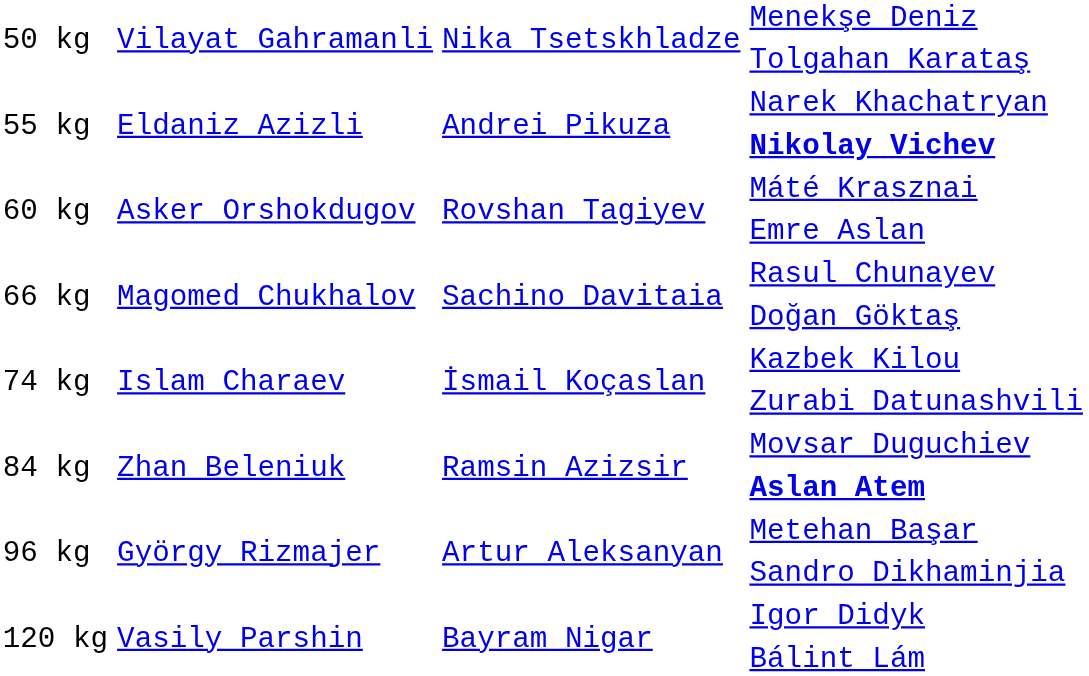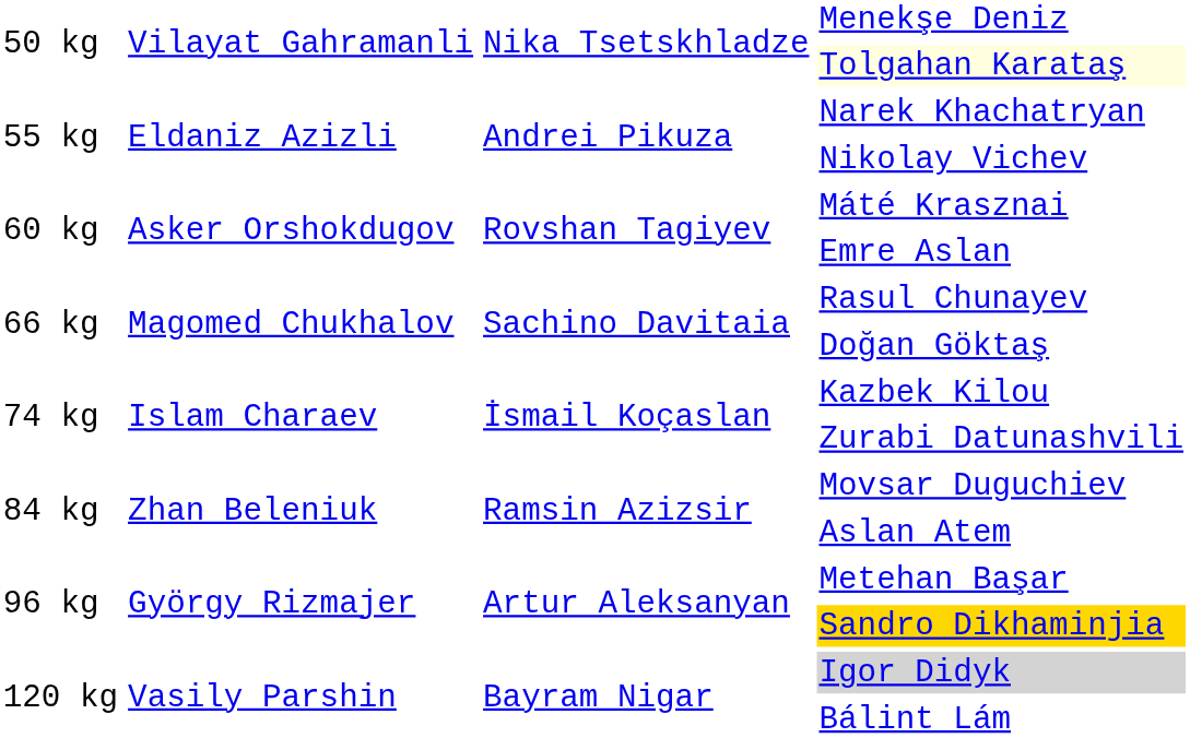 <table>
 <tr>
 <td rowspan=2>50 kg</td>
 <td rowspan=2> <a href='#'>Vilayat Gahramanli</a></td>
 <td rowspan=2> <a href='#'>Nika Tsetskhladze</a></td>
 <td> <a href='#'>Menekşe Deniz</a></td>
 </tr>
 <tr>
-<td> <a href='#'>Tolgahan Karataş</a></td>
+<td style="background: lightyellow;"> <a href='#'>Tolgahan Karataş</a></td>
 </tr>
 <tr>
 <td rowspan=2>55 kg</td>
 <td rowspan=2> <a href='#'>Eldaniz Azizli</a></td>
 <td rowspan=2> <a href='#'>Andrei Pikuza</a></td>
 <td> <a href='#'>Narek Khachatryan</a></td>
 </tr>
 <tr>
-<td><strong> <a href='#'>Nikolay Vichev</a></strong></td>
+<td> <a href='#'>Nikolay Vichev</a></td>
 </tr>
 <tr>
 <td rowspan=2>60 kg</td>
 <td rowspan=2> <a href='#'>Asker Orshokdugov</a></td>
 <td rowspan=2> <a href='#'>Rovshan Tagiyev</a></td>
 <td> <a href='#'>Máté Krasznai</a></td>
 </tr>
 <tr>
 <td> <a href='#'>Emre Aslan</a></td>
 </tr>
 <tr>
 <td rowspan=2>66 kg</td>
 <td rowspan=2> <a href='#'>Magomed Chukhalov</a></td>
 <td rowspan=2> <a href='#'>Sachino Davitaia</a></td>
 <td> <a href='#'>Rasul Chunayev</a></td>
 </tr>
 <tr>
 <td> <a href='#'>Doğan Göktaş</a></td>
 </tr>
 <tr>
 <td rowspan=2>74 kg</td>
 <td rowspan=2> <a href='#'>Islam Charaev</a></td>
 <td rowspan=2> <a href='#'>İsmail Koçaslan</a></td>
 <td> <a href='#'>Kazbek Kilou</a></td>
 </tr>
 <tr>
 <td> <a href='#'>Zurabi Datunashvili</a></td>
 </tr>
 <tr>
 <td rowspan=2>84 kg</td>
 <td rowspan=2> <a href='#'>Zhan Beleniuk</a></td>
 <td rowspan=2> <a href='#'>Ramsin Azizsir</a></td>
 <td> <a href='#'>Movsar Duguchiev</a></td>
 </tr>
 <tr>
-<td><strong> <a href='#'>Aslan Atem</a></strong></td>
+<td> <a href='#'>Aslan Atem</a></td>
 </tr>
 <tr>
 <td rowspan=2>96 kg</td>
 <td rowspan=2> <a href='#'>György Rizmajer</a></td>
 <td rowspan=2> <a href='#'>Artur Aleksanyan</a></td>
 <td> <a href='#'>Metehan Başar</a></td>
 </tr>
 <tr>
-<td> <a href='#'>Sandro Dikhaminjia</a></td>
+<td style="background: gold;"> <a href='#'>Sandro Dikhaminjia</a></td>
 </tr>
 <tr>
 <td rowspan=2>120 kg</td>
 <td rowspan=2> <a href='#'>Vasily Parshin</a></td>
 <td rowspan=2> <a href='#'>Bayram Nigar</a></td>
-<td> <a href='#'>Igor Didyk</a></td>
+<td style="background: lightgrey;"> <a href='#'>Igor Didyk</a></td>
 </tr>
 <tr>
 <td> <a href='#'>Bálint Lám</a></td>
 </tr>
 </table>
